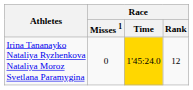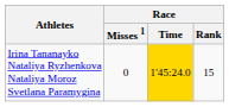 <table class="wikitable" border="1" style="font-size:90%">
 <tr>
 <th rowspan=2>Athletes</th>
 <th colspan=3>Race</th>
 </tr>
 <tr>
 <th>Misses <sup>1</sup></th>
 <th>Time</th>
 <th>Rank</th>
 </tr>
 <tr>
 <td><a href='#'>Irina Tananayko</a><br><a href='#'>Nataliya Ryzhenkova</a><br><a href='#'>Nataliya Moroz</a><br><a href='#'>Svetlana Paramygina</a></td>
 <td align=center>0</td>
 <td align=center style="background: gold;">1'45:24.0</td>
-<td align=center>12</td>
+<td align=center>15</td>
 </tr>
 </table>
